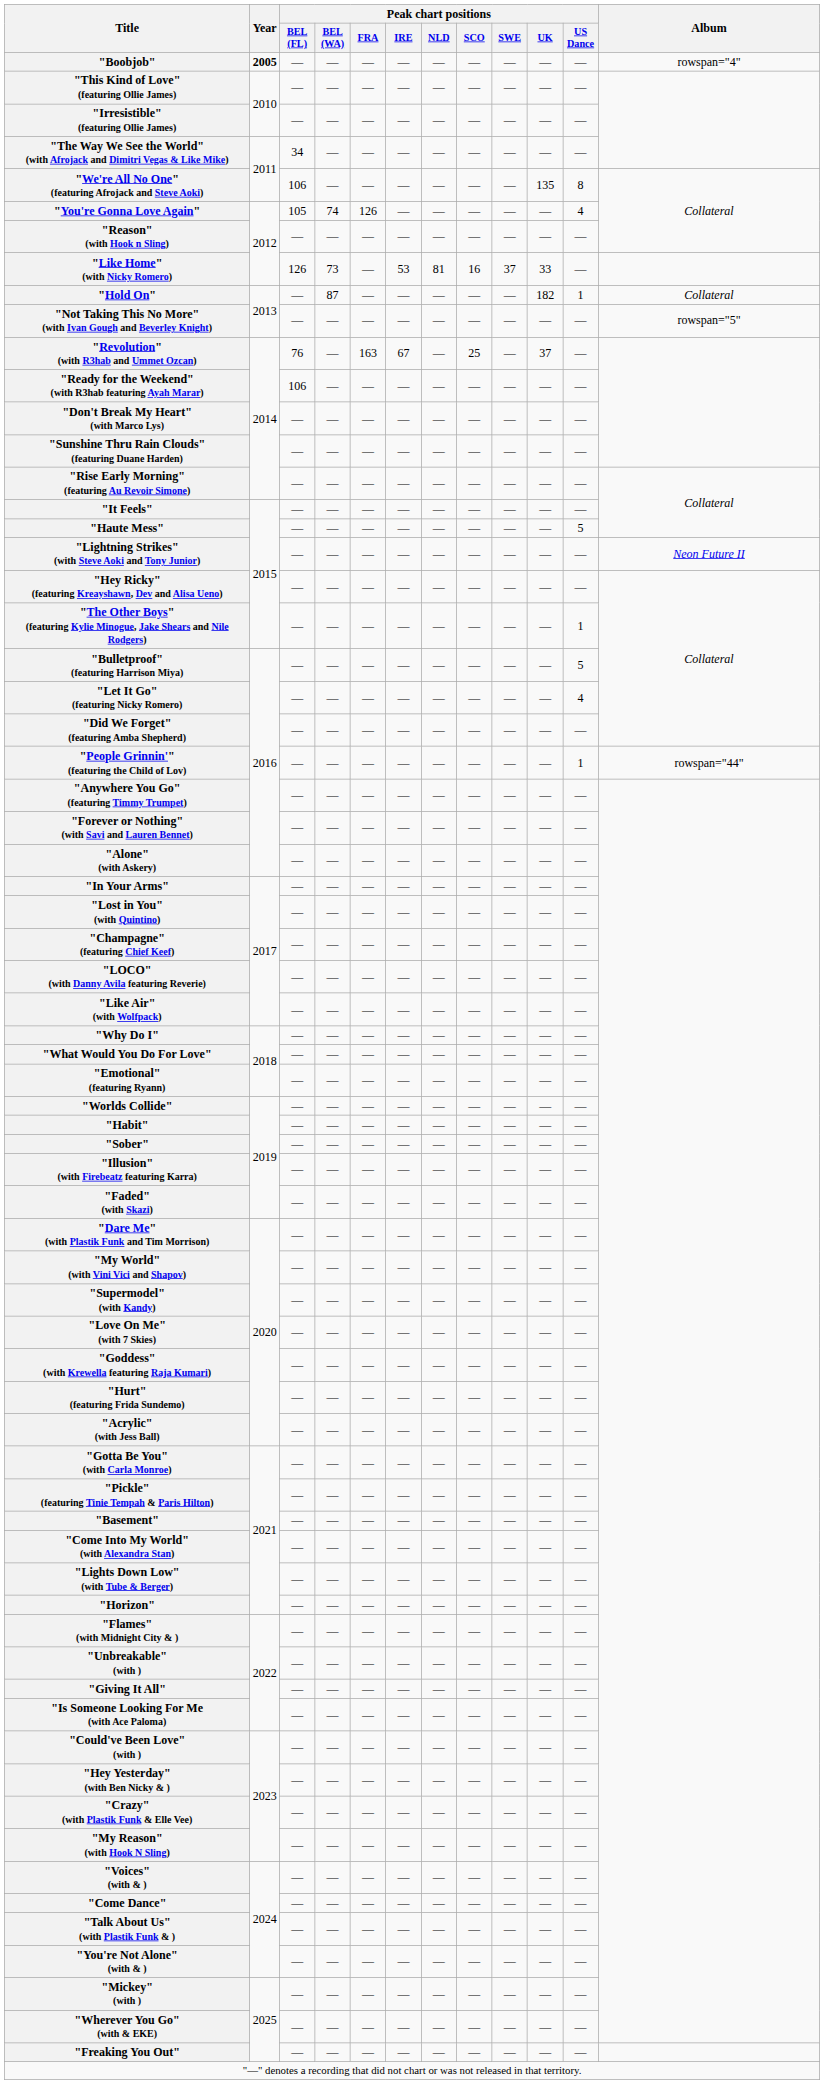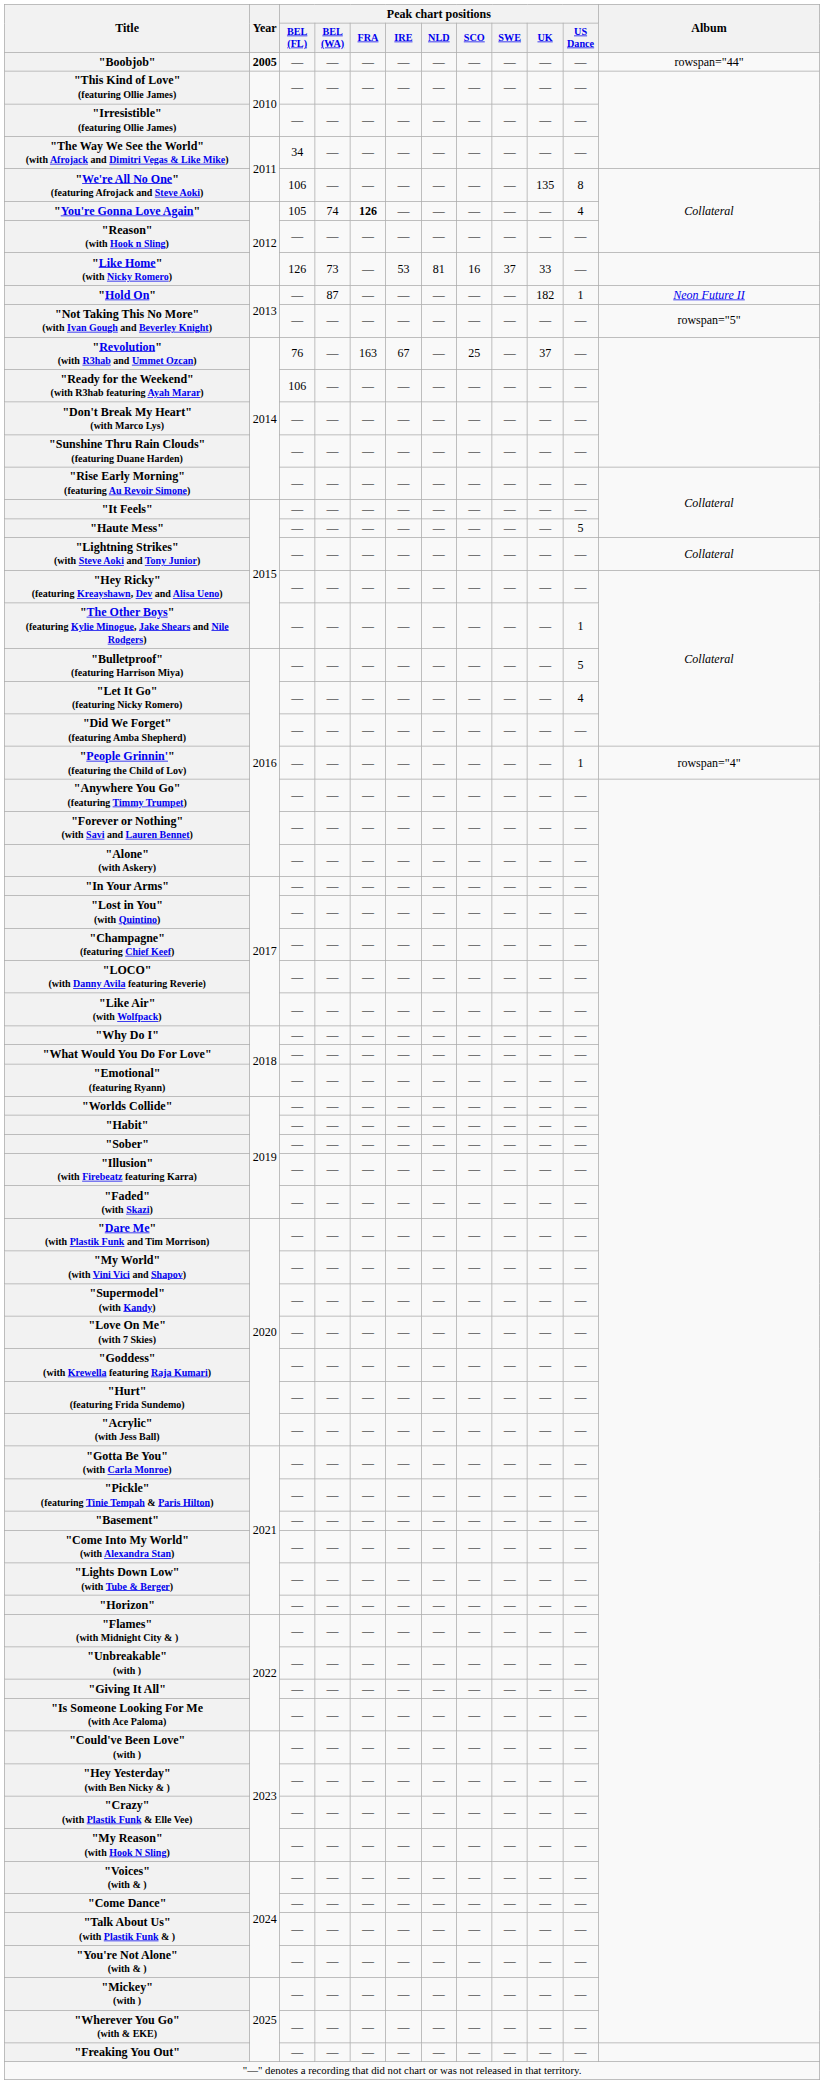 <table class="wikitable plainrowheaders" style="text-align:center;" border="1">
 <tr>
 <th scope="col" rowspan="2" style="width:20em;">Title</th>
 <th scope="col" rowspan="2" style="width:1em;">Year</th>
 <th scope="col" colspan="9">Peak chart positions</th>
 <th scope="col" rowspan="2" style="width:18em;">Album</th>
 </tr>
 <tr>
 <th scope="col" style="width:3em;font-size:85%;"><a href='#'>BEL<br>(FL)</a><br></th>
 <th scope="col" style="width:3em;font-size:85%;"><a href='#'>BEL<br>(WA)</a><br></th>
 <th scope="col" style="width:3em;font-size:85%;"><a href='#'>FRA</a><br></th>
 <th scope="col" style="width:3em;font-size:85%;"><a href='#'>IRE</a><br></th>
 <th scope="col" style="width:3em;font-size:85%;"><a href='#'>NLD</a><br></th>
 <th scope="col" style="width:3em;font-size:85%;"><a href='#'>SCO</a><br></th>
 <th scope="col" style="width:3em;font-size:85%;"><a href='#'>SWE</a><br></th>
 <th scope="col" style="width:3em;font-size:85%;"><a href='#'>UK</a><br></th>
 <th scope="col" style="width:3em;font-size:85%;"><a href='#'>US<br>Dance</a><br></th>
 </tr>
 <tr>
 <th scope="row">"Boobjob"</th>
 <td><strong>2005</strong></td>
 <td>—</td>
 <td>—</td>
 <td>—</td>
 <td>—</td>
 <td>—</td>
 <td>—</td>
 <td>—</td>
 <td>—</td>
 <td>—</td>
-<td>rowspan="4" </td>
+<td>rowspan="44" </td>
 </tr>
 <tr>
 <th scope="row">"This Kind of Love"<br><small>(featuring Ollie James)</small></th>
 <td rowspan="2">2010</td>
 <td>—</td>
 <td>—</td>
 <td>—</td>
 <td>—</td>
 <td>—</td>
 <td>—</td>
 <td>—</td>
 <td>—</td>
 <td>—</td>
 </tr>
 <tr>
 <th scope="row">"Irresistible"<br><small>(featuring Ollie James)</small></th>
 <td>—</td>
 <td>—</td>
 <td>—</td>
 <td>—</td>
 <td>—</td>
 <td>—</td>
 <td>—</td>
 <td>—</td>
 <td>—</td>
 </tr>
 <tr>
 <th scope="row">"The Way We See the World"<br><small>(with <a href='#'>Afrojack</a> and <a href='#'>Dimitri Vegas & Like Mike</a>)</small></th>
 <td rowspan="2">2011</td>
 <td>34</td>
 <td>—</td>
 <td>—</td>
 <td>—</td>
 <td>—</td>
 <td>—</td>
 <td>—</td>
 <td>—</td>
 <td>—</td>
 </tr>
 <tr>
 <th scope="row">"<a href='#'>We're All No One</a>"<br><small>(featuring Afrojack and <a href='#'>Steve Aoki</a>)</small></th>
 <td>106</td>
 <td>—</td>
 <td>—</td>
 <td>—</td>
 <td>—</td>
 <td>—</td>
 <td>—</td>
 <td>135</td>
 <td>8</td>
 <td rowspan="3"><em>Collateral</em></td>
 </tr>
 <tr>
 <th scope="row">"<a href='#'>You're Gonna Love Again</a>"</th>
 <td rowspan="3">2012</td>
 <td>105</td>
 <td>74</td>
-<td>126</td>
+<td><strong>126</strong></td>
 <td>—</td>
 <td>—</td>
 <td>—</td>
 <td>—</td>
 <td>—</td>
 <td>4</td>
 </tr>
 <tr>
 <th scope="row">"Reason"<br><small>(with <a href='#'>Hook n Sling</a>)</small></th>
 <td>—</td>
 <td>—</td>
 <td>—</td>
 <td>—</td>
 <td>—</td>
 <td>—</td>
 <td>—</td>
 <td>—</td>
 <td>—</td>
 </tr>
 <tr>
 <th scope="row">"<a href='#'>Like Home</a>"<br><small>(with <a href='#'>Nicky Romero</a>)</small></th>
 <td>126</td>
 <td>73</td>
 <td>—</td>
 <td>53</td>
 <td>81</td>
 <td>16</td>
 <td>37</td>
 <td>33</td>
 <td>—</td>
 <td></td>
 </tr>
 <tr>
 <th scope="row">"<a href='#'>Hold On</a>"</th>
 <td rowspan="2">2013</td>
 <td>—</td>
 <td>87</td>
 <td>—</td>
 <td>—</td>
 <td>—</td>
 <td>—</td>
 <td>—</td>
 <td>182</td>
 <td>1</td>
-<td><em>Collateral</em></td>
+<td><em><a href='#'>Neon Future II</a></em></td>
 </tr>
 <tr>
 <th scope="row">"Not Taking This No More"<br><small>(with <a href='#'>Ivan Gough</a> and <a href='#'>Beverley Knight</a>)</small></th>
 <td>—</td>
 <td>—</td>
 <td>—</td>
 <td>—</td>
 <td>—</td>
 <td>—</td>
 <td>—</td>
 <td>—</td>
 <td>—</td>
 <td>rowspan="5" </td>
 </tr>
 <tr>
 <th scope="row">"<a href='#'>Revolution</a>"<br><small>(with <a href='#'>R3hab</a> and <a href='#'>Ummet Ozcan</a>)</small></th>
 <td rowspan="5">2014</td>
 <td>76</td>
 <td>—</td>
 <td>163</td>
 <td>67</td>
 <td>—</td>
 <td>25</td>
 <td>—</td>
 <td>37</td>
 <td>—</td>
 </tr>
 <tr>
 <th scope="row">"Ready for the Weekend"<br><small>(with R3hab featuring <a href='#'>Ayah Marar</a>)</small></th>
 <td>106</td>
 <td>—</td>
 <td>—</td>
 <td>—</td>
 <td>—</td>
 <td>—</td>
 <td>—</td>
 <td>—</td>
 <td>—</td>
 </tr>
 <tr>
 <th scope="row">"Don't Break My Heart"<br><small>(with Marco Lys)</small></th>
 <td>—</td>
 <td>—</td>
 <td>—</td>
 <td>—</td>
 <td>—</td>
 <td>—</td>
 <td>—</td>
 <td>—</td>
 <td>—</td>
 </tr>
 <tr>
 <th scope="row">"Sunshine Thru Rain Clouds"<br><small>(featuring Duane Harden)</small></th>
 <td>—</td>
 <td>—</td>
 <td>—</td>
 <td>—</td>
 <td>—</td>
 <td>—</td>
 <td>—</td>
 <td>—</td>
 <td>—</td>
 </tr>
 <tr>
 <th scope="row">"Rise Early Morning"<br><small>(featuring <a href='#'>Au Revoir Simone</a>)</small></th>
 <td>—</td>
 <td>—</td>
 <td>—</td>
 <td>—</td>
 <td>—</td>
 <td>—</td>
 <td>—</td>
 <td>—</td>
 <td>—</td>
 <td rowspan="3"><em>Collateral</em></td>
 </tr>
 <tr>
 <th scope="row">"It Feels"</th>
 <td rowspan="5">2015</td>
 <td>—</td>
 <td>—</td>
 <td>—</td>
 <td>—</td>
 <td>—</td>
 <td>—</td>
 <td>—</td>
 <td>—</td>
 <td>—</td>
 </tr>
 <tr>
 <th scope="row">"Haute Mess"</th>
 <td>—</td>
 <td>—</td>
 <td>—</td>
 <td>—</td>
 <td>—</td>
 <td>—</td>
 <td>—</td>
 <td>—</td>
 <td>5</td>
 </tr>
 <tr>
 <th scope="row">"Lightning Strikes"<br><small>(with <a href='#'>Steve Aoki</a> and <a href='#'>Tony Junior</a>)</small></th>
 <td>—</td>
 <td>—</td>
 <td>—</td>
 <td>—</td>
 <td>—</td>
 <td>—</td>
 <td>—</td>
 <td>—</td>
 <td>—</td>
-<td><em><a href='#'>Neon Future II</a></em></td>
+<td><em>Collateral</em></td>
 </tr>
 <tr>
 <th scope="row">"Hey Ricky"<br><small>(featuring <a href='#'>Kreayshawn</a>, <a href='#'>Dev</a> and <a href='#'>Alisa Ueno</a>)</small></th>
 <td>—</td>
 <td>—</td>
 <td>—</td>
 <td>—</td>
 <td>—</td>
 <td>—</td>
 <td>—</td>
 <td>—</td>
 <td>—</td>
 <td rowspan="5"><em>Collateral</em></td>
 </tr>
 <tr>
 <th scope="row">"<a href='#'>The Other Boys</a>"<br><small>(featuring <a href='#'>Kylie Minogue</a>, <a href='#'>Jake Shears</a> and <a href='#'>Nile Rodgers</a>)</small></th>
 <td>—</td>
 <td>—</td>
 <td>—</td>
 <td>—</td>
 <td>—</td>
 <td>—</td>
 <td>—</td>
 <td>—</td>
 <td>1</td>
 </tr>
 <tr>
 <th scope="row">"Bulletproof"<br><small>(featuring Harrison Miya)</small></th>
 <td rowspan="7">2016</td>
 <td>—</td>
 <td>—</td>
 <td>—</td>
 <td>—</td>
 <td>—</td>
 <td>—</td>
 <td>—</td>
 <td>—</td>
 <td>5</td>
 </tr>
 <tr>
 <th scope="row">"Let It Go"<br><small>(featuring Nicky Romero)</small></th>
 <td>—</td>
 <td>—</td>
 <td>—</td>
 <td>—</td>
 <td>—</td>
 <td>—</td>
 <td>—</td>
 <td>—</td>
 <td>4</td>
 </tr>
 <tr>
 <th scope="row">"Did We Forget"<br><small>(featuring Amba Shepherd)</small></th>
 <td>—</td>
 <td>—</td>
 <td>—</td>
 <td>—</td>
 <td>—</td>
 <td>—</td>
 <td>—</td>
 <td>—</td>
 <td>—</td>
 </tr>
 <tr>
 <th scope="row">"<a href='#'>People Grinnin'</a>"<br><small>(featuring the Child of Lov)</small></th>
 <td>—</td>
 <td>—</td>
 <td>—</td>
 <td>—</td>
 <td>—</td>
 <td>—</td>
 <td>—</td>
 <td>—</td>
 <td>1</td>
-<td>rowspan="44" </td>
+<td>rowspan="4" </td>
 </tr>
 <tr>
 <th scope="row">"Anywhere You Go"<br><small>(featuring <a href='#'>Timmy Trumpet</a>)</small></th>
 <td>—</td>
 <td>—</td>
 <td>—</td>
 <td>—</td>
 <td>—</td>
 <td>—</td>
 <td>—</td>
 <td>—</td>
 <td>—</td>
 </tr>
 <tr>
 <th scope="row">"Forever or Nothing"<br><small>(with <a href='#'>Savi</a> and <a href='#'>Lauren Bennet</a>)</small></th>
 <td>—</td>
 <td>—</td>
 <td>—</td>
 <td>—</td>
 <td>—</td>
 <td>—</td>
 <td>—</td>
 <td>—</td>
 <td>—</td>
 </tr>
 <tr>
 <th scope="row">"Alone"<br><small>(with Askery)</small></th>
 <td>—</td>
 <td>—</td>
 <td>—</td>
 <td>—</td>
 <td>—</td>
 <td>—</td>
 <td>—</td>
 <td>—</td>
 <td>—</td>
 </tr>
 <tr>
 <th scope="row">"In Your Arms"</th>
 <td rowspan="5">2017</td>
 <td>—</td>
 <td>—</td>
 <td>—</td>
 <td>—</td>
 <td>—</td>
 <td>—</td>
 <td>—</td>
 <td>—</td>
 <td>—</td>
 </tr>
 <tr>
 <th scope="row">"Lost in You" <br><small>(with <a href='#'>Quintino</a>)</small></th>
 <td>—</td>
 <td>—</td>
 <td>—</td>
 <td>—</td>
 <td>—</td>
 <td>—</td>
 <td>—</td>
 <td>—</td>
 <td>—</td>
 </tr>
 <tr>
 <th scope="row">"Champagne" <br><small>(featuring <a href='#'>Chief Keef</a>)</small></th>
 <td>—</td>
 <td>—</td>
 <td>—</td>
 <td>—</td>
 <td>—</td>
 <td>—</td>
 <td>—</td>
 <td>—</td>
 <td>—</td>
 </tr>
 <tr>
 <th scope="row">"LOCO" <br><small>(with <a href='#'>Danny Avila</a> featuring Reverie)</small></th>
 <td>—</td>
 <td>—</td>
 <td>—</td>
 <td>—</td>
 <td>—</td>
 <td>—</td>
 <td>—</td>
 <td>—</td>
 <td>—</td>
 </tr>
 <tr>
 <th scope="row">"Like Air" <br><small>(with <a href='#'>Wolfpack</a>)</small></th>
 <td>—</td>
 <td>—</td>
 <td>—</td>
 <td>—</td>
 <td>—</td>
 <td>—</td>
 <td>—</td>
 <td>—</td>
 <td>—</td>
 </tr>
 <tr>
 <th scope="row">"Why Do I"</th>
 <td rowspan="3">2018</td>
 <td>—</td>
 <td>—</td>
 <td>—</td>
 <td>—</td>
 <td>—</td>
 <td>—</td>
 <td>—</td>
 <td>—</td>
 <td>—</td>
 </tr>
 <tr>
 <th scope="row">"What Would You Do For Love"</th>
 <td>—</td>
 <td>—</td>
 <td>—</td>
 <td>—</td>
 <td>—</td>
 <td>—</td>
 <td>—</td>
 <td>—</td>
 <td>—</td>
 </tr>
 <tr>
 <th scope="row">"Emotional"<br><small>(featuring Ryann)</small></th>
 <td>—</td>
 <td>—</td>
 <td>—</td>
 <td>—</td>
 <td>—</td>
 <td>—</td>
 <td>—</td>
 <td>—</td>
 <td>—</td>
 </tr>
 <tr>
 <th scope="row">"Worlds Collide"</th>
 <td rowspan="5">2019</td>
 <td>—</td>
 <td>—</td>
 <td>—</td>
 <td>—</td>
 <td>—</td>
 <td>—</td>
 <td>—</td>
 <td>—</td>
 <td>—</td>
 </tr>
 <tr>
 <th scope="row">"Habit"</th>
 <td>—</td>
 <td>—</td>
 <td>—</td>
 <td>—</td>
 <td>—</td>
 <td>—</td>
 <td>—</td>
 <td>—</td>
 <td>—</td>
 </tr>
 <tr>
 <th scope="row">"Sober"</th>
 <td>—</td>
 <td>—</td>
 <td>—</td>
 <td>—</td>
 <td>—</td>
 <td>—</td>
 <td>—</td>
 <td>—</td>
 <td>—</td>
 </tr>
 <tr>
 <th scope="row">"Illusion" <br><small>(with <a href='#'>Firebeatz</a> featuring Karra)</small></th>
 <td>—</td>
 <td>—</td>
 <td>—</td>
 <td>—</td>
 <td>—</td>
 <td>—</td>
 <td>—</td>
 <td>—</td>
 <td>—</td>
 </tr>
 <tr>
 <th scope="row">"Faded" <br><small>(with <a href='#'>Skazi</a>)</small></th>
 <td>—</td>
 <td>—</td>
 <td>—</td>
 <td>—</td>
 <td>—</td>
 <td>—</td>
 <td>—</td>
 <td>—</td>
 <td>—</td>
 </tr>
 <tr>
 <th scope="row">"<a href='#'>Dare Me</a>" <br><small>(with <a href='#'>Plastik Funk</a> and Tim Morrison)</small></th>
 <td rowspan="7">2020</td>
 <td>—</td>
 <td>—</td>
 <td>—</td>
 <td>—</td>
 <td>—</td>
 <td>—</td>
 <td>—</td>
 <td>—</td>
 <td>—</td>
 </tr>
 <tr>
 <th scope="row">"My World" <br><small>(with <a href='#'>Vini Vici</a> and <a href='#'>Shapov</a>)</small></th>
 <td>—</td>
 <td>—</td>
 <td>—</td>
 <td>—</td>
 <td>—</td>
 <td>—</td>
 <td>—</td>
 <td>—</td>
 <td>—</td>
 </tr>
 <tr>
 <th scope="row">"Supermodel" <br><small>(with <a href='#'>Kandy</a>)</small></th>
 <td>—</td>
 <td>—</td>
 <td>—</td>
 <td>—</td>
 <td>—</td>
 <td>—</td>
 <td>—</td>
 <td>—</td>
 <td>—</td>
 </tr>
 <tr>
 <th scope="row">"Love On Me" <br><small>(with 7 Skies)</small></th>
 <td>—</td>
 <td>—</td>
 <td>—</td>
 <td>—</td>
 <td>—</td>
 <td>—</td>
 <td>—</td>
 <td>—</td>
 <td>—</td>
 </tr>
 <tr>
 <th scope="row">"Goddess" <br><small>(with <a href='#'>Krewella</a> featuring <a href='#'>Raja Kumari</a>)</small></th>
 <td>—</td>
 <td>—</td>
 <td>—</td>
 <td>—</td>
 <td>—</td>
 <td>—</td>
 <td>—</td>
 <td>—</td>
 <td>—</td>
 </tr>
 <tr>
 <th scope="row">"Hurt" <br><small>(featuring Frida Sundemo)</small></th>
 <td>—</td>
 <td>—</td>
 <td>—</td>
 <td>—</td>
 <td>—</td>
 <td>—</td>
 <td>—</td>
 <td>—</td>
 <td>—</td>
 </tr>
 <tr>
 <th scope="row">"Acrylic" <br><small>(with Jess Ball)</small></th>
 <td>—</td>
 <td>—</td>
 <td>—</td>
 <td>—</td>
 <td>—</td>
 <td>—</td>
 <td>—</td>
 <td>—</td>
 <td>—</td>
 </tr>
 <tr>
 <th scope="row">"Gotta Be You" <br><small>(with <a href='#'>Carla Monroe</a>)</small></th>
 <td rowspan="6">2021</td>
 <td>—</td>
 <td>—</td>
 <td>—</td>
 <td>—</td>
 <td>—</td>
 <td>—</td>
 <td>—</td>
 <td>—</td>
 <td>—</td>
 </tr>
 <tr>
 <th scope="row">"Pickle"<br><small>(featuring <a href='#'>Tinie Tempah</a> & <a href='#'>Paris Hilton</a>)</small></th>
 <td>—</td>
 <td>—</td>
 <td>—</td>
 <td>—</td>
 <td>—</td>
 <td>—</td>
 <td>—</td>
 <td>—</td>
 <td>—</td>
 </tr>
 <tr>
 <th scope="row">"Basement"</th>
 <td>—</td>
 <td>—</td>
 <td>—</td>
 <td>—</td>
 <td>—</td>
 <td>—</td>
 <td>—</td>
 <td>—</td>
 <td>—</td>
 </tr>
 <tr>
 <th scope="row">"Come Into My World" <br><small>(with <a href='#'>Alexandra Stan</a>)</small></th>
 <td>—</td>
 <td>—</td>
 <td>—</td>
 <td>—</td>
 <td>—</td>
 <td>—</td>
 <td>—</td>
 <td>—</td>
 <td>—</td>
 </tr>
 <tr>
 <th scope="row">"Lights Down Low" <br><small>(with <a href='#'>Tube & Berger</a>)</small></th>
 <td>—</td>
 <td>—</td>
 <td>—</td>
 <td>—</td>
 <td>—</td>
 <td>—</td>
 <td>—</td>
 <td>—</td>
 <td>—</td>
 </tr>
 <tr>
 <th scope="row">"Horizon"</th>
 <td>—</td>
 <td>—</td>
 <td>—</td>
 <td>—</td>
 <td>—</td>
 <td>—</td>
 <td>—</td>
 <td>—</td>
 <td>—</td>
 </tr>
 <tr>
 <th scope="row">"Flames"<br><small>(with Midnight City & )</small></th>
 <td rowspan="4">2022</td>
 <td>—</td>
 <td>—</td>
 <td>—</td>
 <td>—</td>
 <td>—</td>
 <td>—</td>
 <td>—</td>
 <td>—</td>
 <td>—</td>
 </tr>
 <tr>
 <th scope="row">"Unbreakable"<br><small>(with )</small></th>
 <td>—</td>
 <td>—</td>
 <td>—</td>
 <td>—</td>
 <td>—</td>
 <td>—</td>
 <td>—</td>
 <td>—</td>
 <td>—</td>
 </tr>
 <tr>
 <th scope="row">"Giving It All"</th>
 <td>—</td>
 <td>—</td>
 <td>—</td>
 <td>—</td>
 <td>—</td>
 <td>—</td>
 <td>—</td>
 <td>—</td>
 <td>—</td>
 </tr>
 <tr>
 <th scope="row">"Is Someone Looking For Me<br><small>(with Ace Paloma)</small></th>
 <td>—</td>
 <td>—</td>
 <td>—</td>
 <td>—</td>
 <td>—</td>
 <td>—</td>
 <td>—</td>
 <td>—</td>
 <td>—</td>
 </tr>
 <tr>
 <th scope="row">"Could've Been Love"<br><small>(with )</small></th>
 <td rowspan="4">2023</td>
 <td>—</td>
 <td>—</td>
 <td>—</td>
 <td>—</td>
 <td>—</td>
 <td>—</td>
 <td>—</td>
 <td>—</td>
 <td>—</td>
 </tr>
 <tr>
 <th scope="row">"Hey Yesterday"<br><small>(with Ben Nicky & )</small></th>
 <td>—</td>
 <td>—</td>
 <td>—</td>
 <td>—</td>
 <td>—</td>
 <td>—</td>
 <td>—</td>
 <td>—</td>
 <td>—</td>
 </tr>
 <tr>
 <th scope="row">"Crazy"<br><small>(with <a href='#'>Plastik Funk</a> & Elle Vee)</small></th>
 <td>—</td>
 <td>—</td>
 <td>—</td>
 <td>—</td>
 <td>—</td>
 <td>—</td>
 <td>—</td>
 <td>—</td>
 <td>—</td>
 </tr>
 <tr>
 <th scope="row">"My Reason"<br><small>(with <a href='#'>Hook N Sling</a>)</small></th>
 <td>—</td>
 <td>—</td>
 <td>—</td>
 <td>—</td>
 <td>—</td>
 <td>—</td>
 <td>—</td>
 <td>—</td>
 <td>—</td>
 </tr>
 <tr>
 <th scope="row">"Voices"<br><small>(with  & )</small></th>
 <td rowspan="4">2024</td>
 <td>—</td>
 <td>—</td>
 <td>—</td>
 <td>—</td>
 <td>—</td>
 <td>—</td>
 <td>—</td>
 <td>—</td>
 <td>—</td>
 </tr>
 <tr>
 <th scope="row">"Come Dance"</th>
 <td>—</td>
 <td>—</td>
 <td>—</td>
 <td>—</td>
 <td>—</td>
 <td>—</td>
 <td>—</td>
 <td>—</td>
 <td>—</td>
 </tr>
 <tr>
 <th scope="row">"Talk About Us"<br><small>(with <a href='#'>Plastik Funk</a> & )</small></th>
 <td>—</td>
 <td>—</td>
 <td>—</td>
 <td>—</td>
 <td>—</td>
 <td>—</td>
 <td>—</td>
 <td>—</td>
 <td>—</td>
 </tr>
 <tr>
 <th scope="row">"You're Not Alone"<br><small>(with  & )</small></th>
 <td>—</td>
 <td>—</td>
 <td>—</td>
 <td>—</td>
 <td>—</td>
 <td>—</td>
 <td>—</td>
 <td>—</td>
 <td>—</td>
 </tr>
 <tr>
 <th scope="row">"Mickey"<br><small>(with )</small></th>
 <td rowspan="3">2025</td>
 <td>—</td>
 <td>—</td>
 <td>—</td>
 <td>—</td>
 <td>—</td>
 <td>—</td>
 <td>—</td>
 <td>—</td>
 <td>—</td>
 </tr>
 <tr>
 <th scope="row">"Wherever You Go"<br><small>(with  & EKE)</small></th>
 <td>—</td>
 <td>—</td>
 <td>—</td>
 <td>—</td>
 <td>—</td>
 <td>—</td>
 <td>—</td>
 <td>—</td>
 <td>—</td>
 </tr>
 <tr>
 <th scope="row">"Freaking You Out" <br></th>
 <td>—</td>
 <td>—</td>
 <td>—</td>
 <td>—</td>
 <td>—</td>
 <td>—</td>
 <td>—</td>
 <td>—</td>
 <td>—</td>
 <td></td>
 </tr>
 <tr>
 <td colspan="12" style="font-size:90%">"—" denotes a recording that did not chart or was not released in that territory.</td>
 </tr>
 </table>
